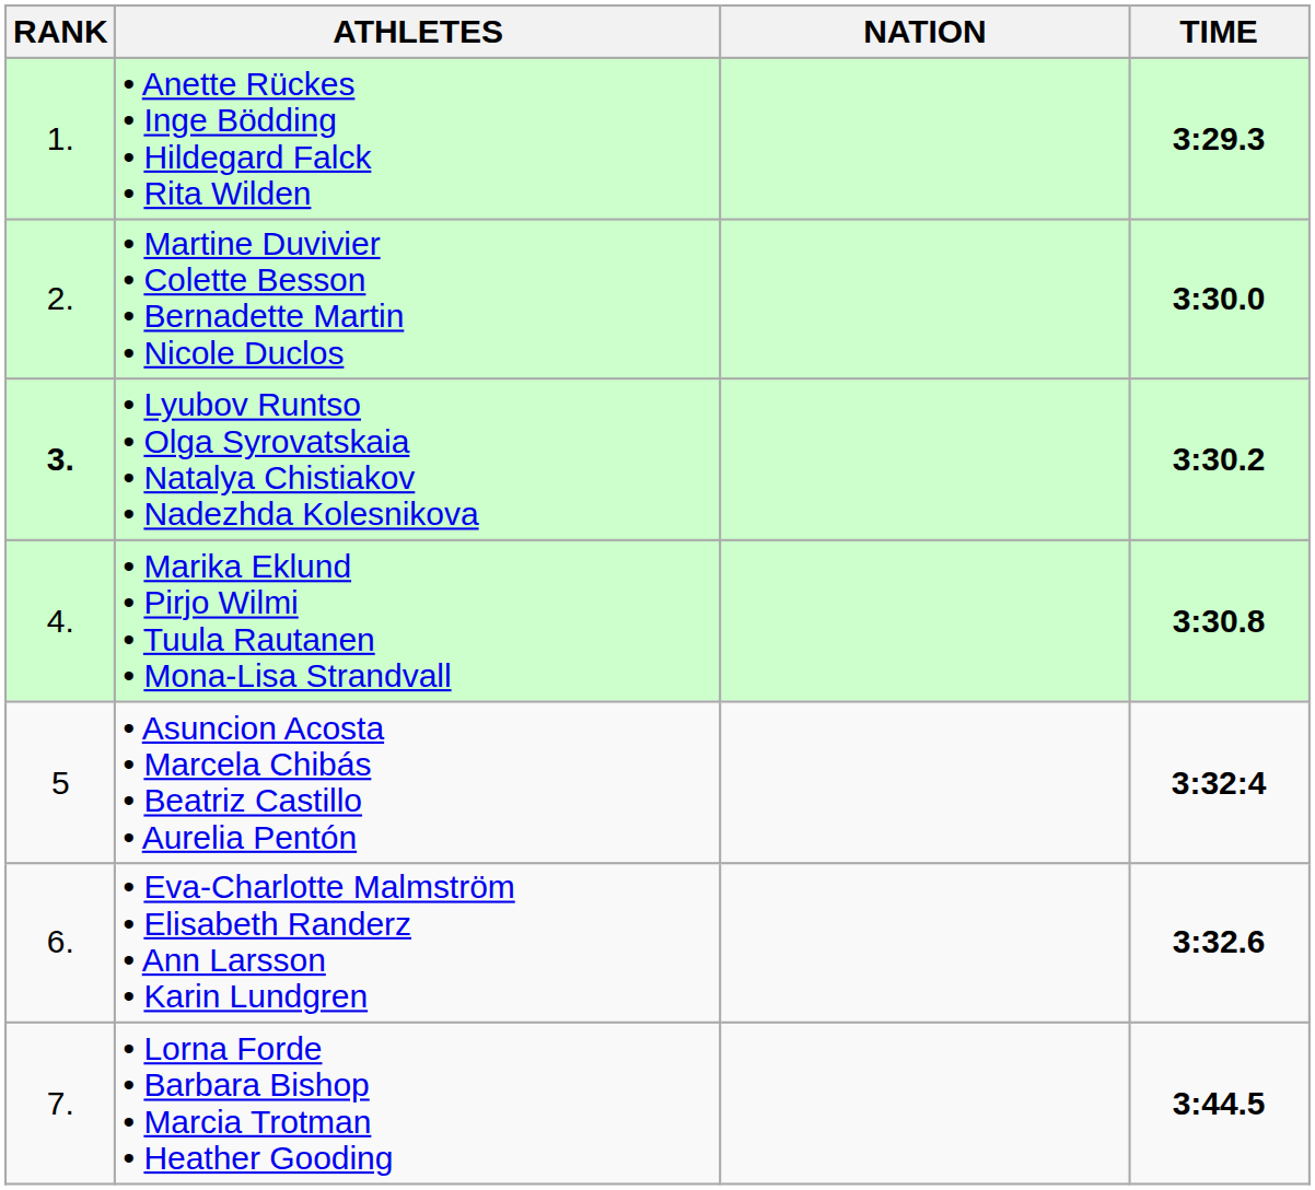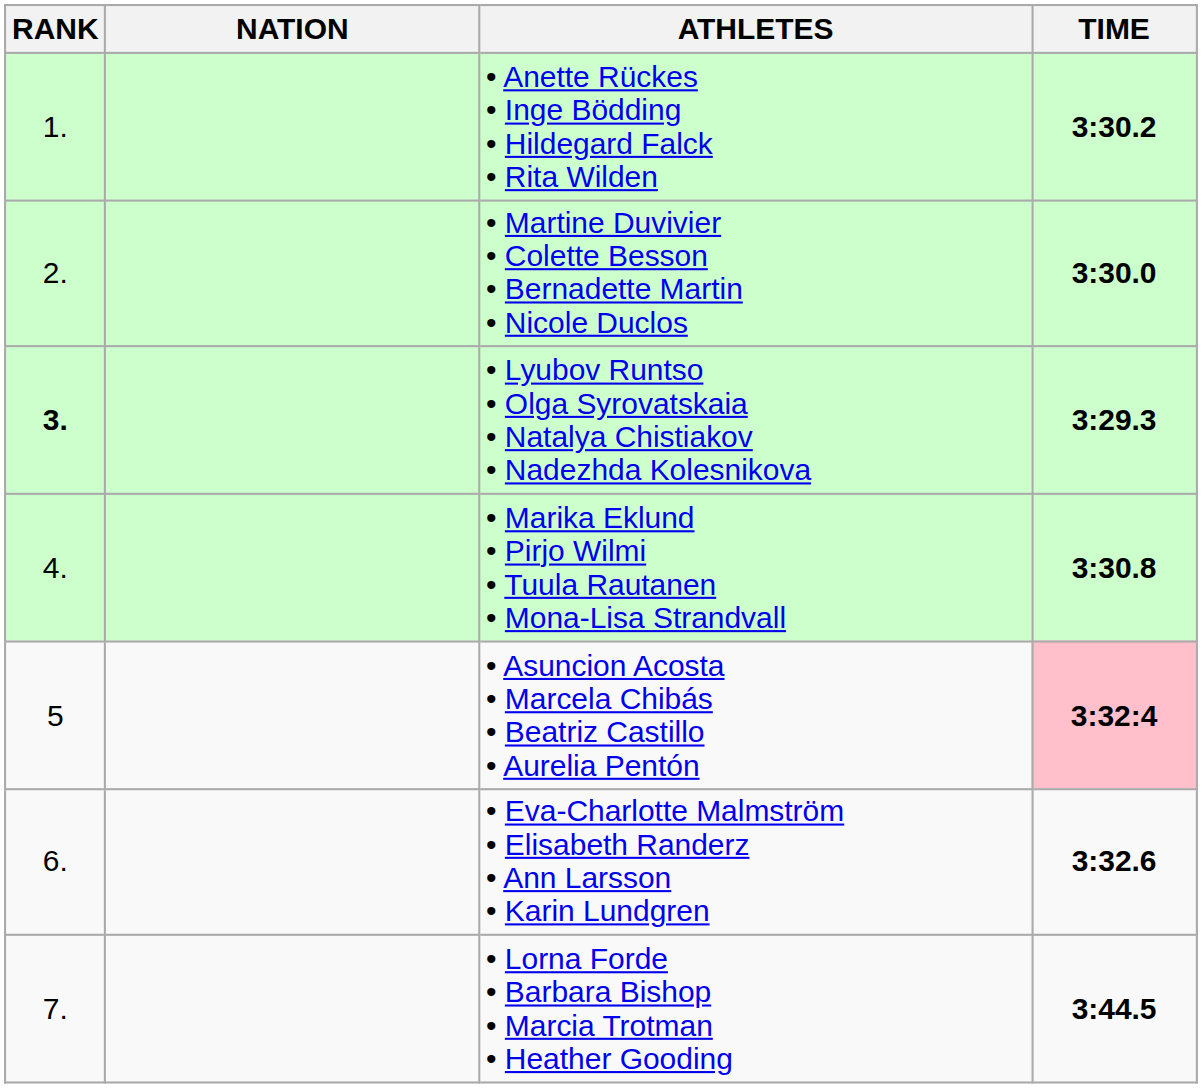 <table class="wikitable" style="border-collapse: collapse; font-size: 90%;">
 <tr>
 <th>RANK</th>
+<th style="width: 12em">NATION</th>
 <th style="width: 18em">ATHLETES</th>
-<th style="width: 12em">NATION</th>
 <th style="width: 5em">TIME</th>
 </tr>
 <tr style="background:#ccffcc;">
 <td align="center">1.</td>
+<td align="center"></td>
 <td>• <a href='#'>Anette Rückes</a><br>• <a href='#'>Inge Bödding</a><br>• <a href='#'>Hildegard Falck</a><br>• <a href='#'>Rita Wilden</a></td>
-<td align="center"></td>
-<td align="center"><strong>3:29.3</strong></td>
+<td align="center"><strong>3:30.2</strong></td>
 </tr>
 <tr style="background:#ccffcc;">
 <td align="center">2.</td>
+<td align="center"></td>
 <td>• <a href='#'>Martine Duvivier</a><br>• <a href='#'>Colette Besson</a><br>• <a href='#'>Bernadette Martin</a><br>• <a href='#'>Nicole Duclos</a></td>
-<td align="center"></td>
 <td align="center"><strong>3:30.0</strong></td>
 </tr>
 <tr style="background:#ccffcc;">
 <td align="center"><strong>3.</strong></td>
+<td align="center"></td>
 <td>• <a href='#'>Lyubov Runtso</a><br>• <a href='#'>Olga Syrovatskaia</a><br>• <a href='#'>Natalya Chistiakov</a><br>• <a href='#'>Nadezhda Kolesnikova</a></td>
-<td align="center"></td>
-<td align="center"><strong>3:30.2</strong></td>
+<td align="center"><strong>3:29.3</strong></td>
 </tr>
 <tr style="background:#ccffcc;">
 <td align="center">4.</td>
+<td align="center"></td>
 <td>• <a href='#'>Marika Eklund</a><br>• <a href='#'>Pirjo Wilmi</a><br>• <a href='#'>Tuula Rautanen</a><br>• <a href='#'>Mona-Lisa Strandvall</a></td>
-<td align="center"></td>
 <td align="center"><strong>3:30.8</strong></td>
 </tr>
 <tr>
 <td align="center">5</td>
+<td align="center"></td>
 <td>• <a href='#'>Asuncion Acosta</a><br>• <a href='#'>Marcela Chibás</a><br>• <a href='#'>Beatriz Castillo</a><br>• <a href='#'>Aurelia Pentón</a></td>
-<td align="center"></td>
-<td align="center"><strong>3:32:4</strong></td>
+<td align="center" style="background: pink;"><strong>3:32:4</strong></td>
 </tr>
 <tr>
 <td align="center">6.</td>
+<td align="center"></td>
 <td>• <a href='#'>Eva-Charlotte Malmström</a><br>• <a href='#'>Elisabeth Randerz</a><br>• <a href='#'>Ann Larsson</a><br>• <a href='#'>Karin Lundgren</a></td>
-<td align="center"></td>
 <td align="center"><strong>3:32.6</strong></td>
 </tr>
 <tr>
 <td align="center">7.</td>
+<td align="center"></td>
 <td>• <a href='#'>Lorna Forde</a><br>• <a href='#'>Barbara Bishop</a><br>• <a href='#'>Marcia Trotman</a><br>• <a href='#'>Heather Gooding</a></td>
-<td align="center"></td>
 <td align="center"><strong>3:44.5</strong></td>
 </tr>
 </table>
